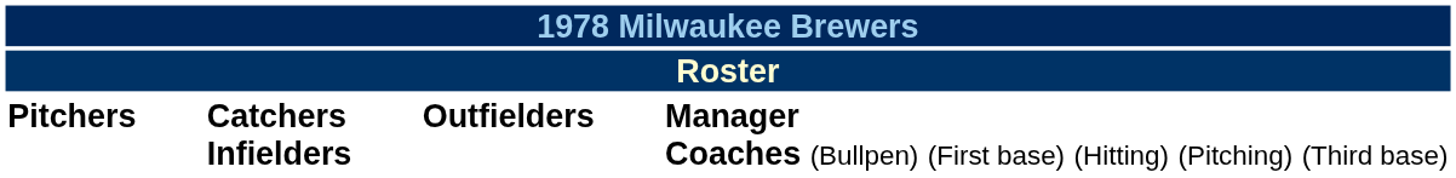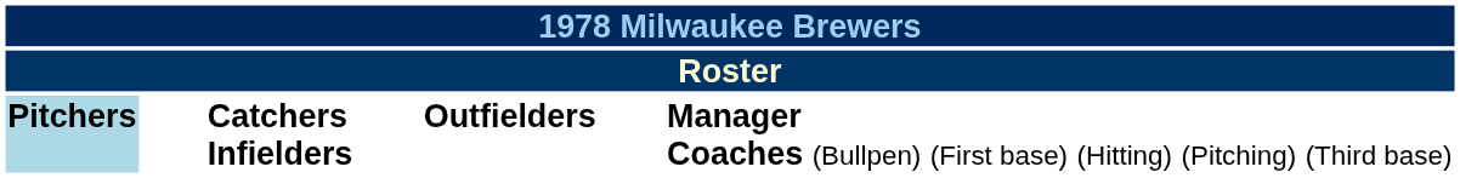 <table class="toccolours" style="font-size: 95%;">
 <tr>
 <th colspan="10" style="background-color: #00285D; color: #9ECEEE; text-align: center;">1978 Milwaukee Brewers</th>
 </tr>
 <tr>
 <td colspan="10" style="background-color: #003366; color: #FFFDD0; text-align: center;"><strong>Roster</strong></td>
 </tr>
 <tr>
-<td valign="top"><strong>Pitchers</strong><br>            </td>
+<td valign="top" style="background: lightblue;"><strong>Pitchers</strong><br>            </td>
 <td width="25px"></td>
 <td valign="top"><strong>Catchers</strong><br>    <strong>Infielders</strong>          </td>
 <td width="25px"></td>
 <td valign="top"><strong>Outfielders</strong><br>       </td>
 <td width="25px"></td>
 <td valign="top"><strong>Manager</strong><br> <strong>Coaches</strong>  <small>(Bullpen)</small>  <small>(First base)</small>  <small>(Hitting)</small>  <small>(Pitching)</small>  <small>(Third base)</small></td>
 </tr>
 </table>
